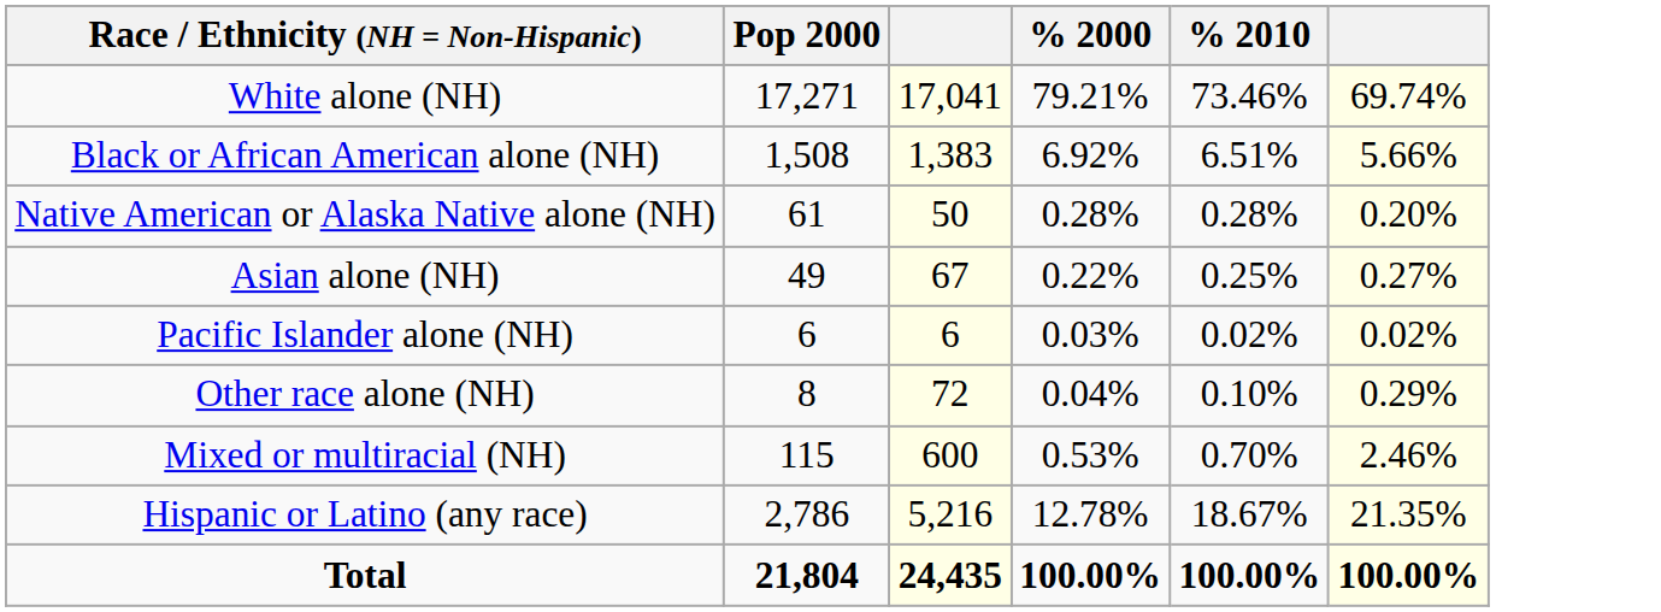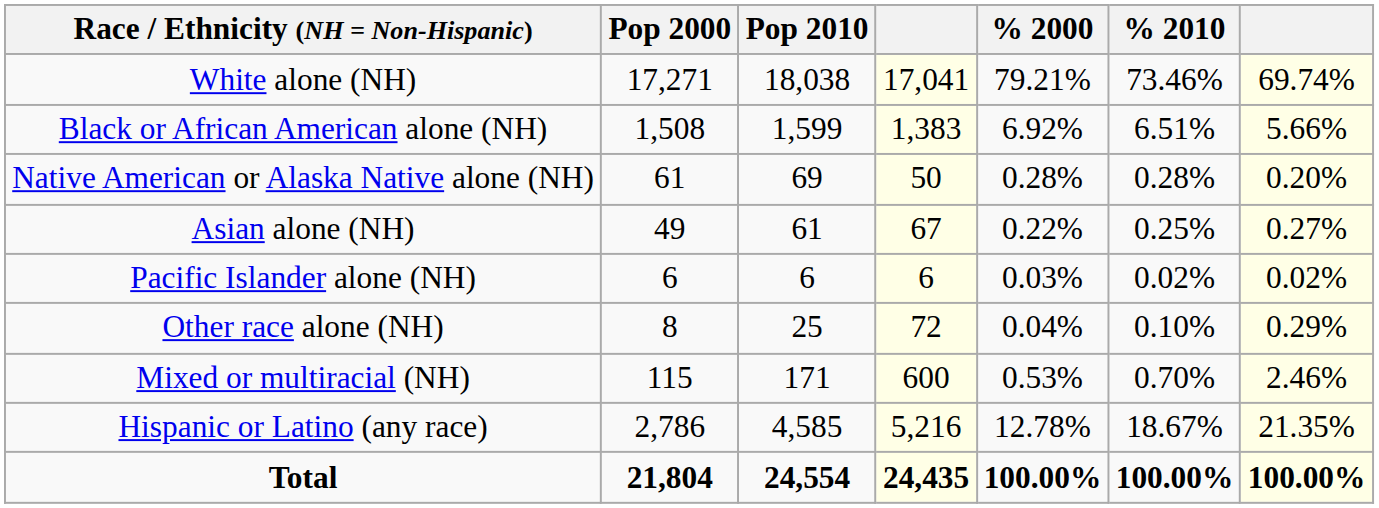 <table class="wikitable" style="text-align:center;">
 <tr>
 <th>Race / Ethnicity <small>(<em>NH = Non-Hispanic</em>)</small></th>
 <th>Pop 2000</th>
+<th>Pop 2010</th>
 <th></th>
 <th>% 2000</th>
 <th>% 2010</th>
 <th></th>
 </tr>
 <tr>
 <td><a href='#'>White</a> alone (NH)</td>
 <td>17,271</td>
+<td>18,038</td>
 <td style='background: #ffffe6;'>17,041</td>
 <td>79.21%</td>
 <td>73.46%</td>
 <td style='background: #ffffe6;'>69.74%</td>
 </tr>
 <tr>
 <td><a href='#'>Black or African American</a> alone (NH)</td>
 <td>1,508</td>
+<td>1,599</td>
 <td style='background: #ffffe6;'>1,383</td>
 <td>6.92%</td>
 <td>6.51%</td>
 <td style='background: #ffffe6;'>5.66%</td>
 </tr>
 <tr>
 <td><a href='#'>Native American</a> or <a href='#'>Alaska Native</a> alone (NH)</td>
 <td>61</td>
+<td>69</td>
 <td style='background: #ffffe6;'>50</td>
 <td>0.28%</td>
 <td>0.28%</td>
 <td style='background: #ffffe6;'>0.20%</td>
 </tr>
 <tr>
 <td><a href='#'>Asian</a> alone (NH)</td>
 <td>49</td>
+<td>61</td>
 <td style='background: #ffffe6;'>67</td>
 <td>0.22%</td>
 <td>0.25%</td>
 <td style='background: #ffffe6;'>0.27%</td>
 </tr>
 <tr>
 <td><a href='#'>Pacific Islander</a> alone (NH)</td>
+<td>6</td>
 <td>6</td>
 <td style='background: #ffffe6;'>6</td>
 <td>0.03%</td>
 <td>0.02%</td>
 <td style='background: #ffffe6;'>0.02%</td>
 </tr>
 <tr>
 <td><a href='#'>Other race</a> alone (NH)</td>
 <td>8</td>
+<td>25</td>
 <td style='background: #ffffe6;'>72</td>
 <td>0.04%</td>
 <td>0.10%</td>
 <td style='background: #ffffe6;'>0.29%</td>
 </tr>
 <tr>
 <td><a href='#'>Mixed or multiracial</a> (NH)</td>
 <td>115</td>
+<td>171</td>
 <td style='background: #ffffe6;'>600</td>
 <td>0.53%</td>
 <td>0.70%</td>
 <td style='background: #ffffe6;'>2.46%</td>
 </tr>
 <tr>
 <td><a href='#'>Hispanic or Latino</a> (any race)</td>
 <td>2,786</td>
+<td>4,585</td>
 <td style='background: #ffffe6;'>5,216</td>
 <td>12.78%</td>
 <td>18.67%</td>
 <td style='background: #ffffe6;'>21.35%</td>
 </tr>
 <tr>
 <td><strong>Total</strong></td>
 <td><strong>21,804</strong></td>
+<td><strong>24,554</strong></td>
 <td style='background: #ffffe6;'><strong>24,435</strong></td>
 <td><strong>100.00%</strong></td>
 <td><strong>100.00%</strong></td>
 <td style='background: #ffffe6;'><strong>100.00%</strong></td>
 </tr>
 </table>
